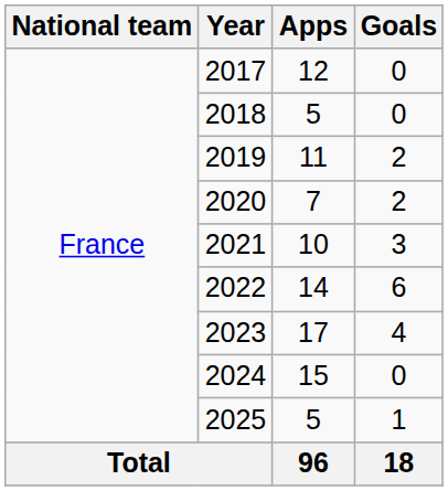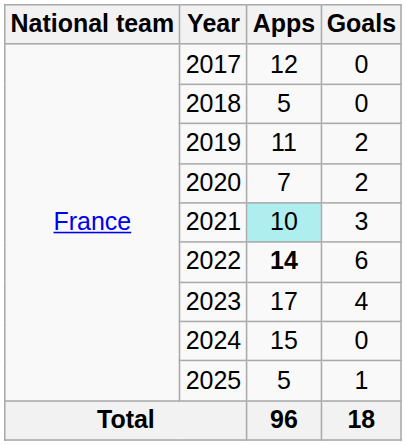 <table class="wikitable" style="text-align:center">
 <tr>
 <th>National team</th>
 <th>Year</th>
 <th>Apps</th>
 <th>Goals</th>
 </tr>
 <tr>
 <td rowspan=9><a href='#'>France</a></td>
 <td>2017</td>
 <td>12</td>
 <td>0</td>
 </tr>
 <tr>
 <td>2018</td>
 <td>5</td>
 <td>0</td>
 </tr>
 <tr>
 <td>2019</td>
 <td>11</td>
 <td>2</td>
 </tr>
 <tr>
 <td>2020</td>
 <td>7</td>
 <td>2</td>
 </tr>
 <tr>
 <td>2021</td>
-<td>10</td>
+<td style="background: paleturquoise;">10</td>
 <td>3</td>
 </tr>
 <tr>
 <td>2022</td>
-<td>14</td>
+<td><strong>14</strong></td>
 <td>6</td>
 </tr>
 <tr>
 <td>2023</td>
 <td>17</td>
 <td>4</td>
 </tr>
 <tr>
 <td>2024</td>
 <td>15</td>
 <td>0</td>
 </tr>
 <tr>
 <td>2025</td>
 <td>5</td>
 <td>1</td>
 </tr>
 <tr>
 <th colspan=2>Total</th>
 <th>96</th>
 <th>18</th>
 </tr>
 </table>
